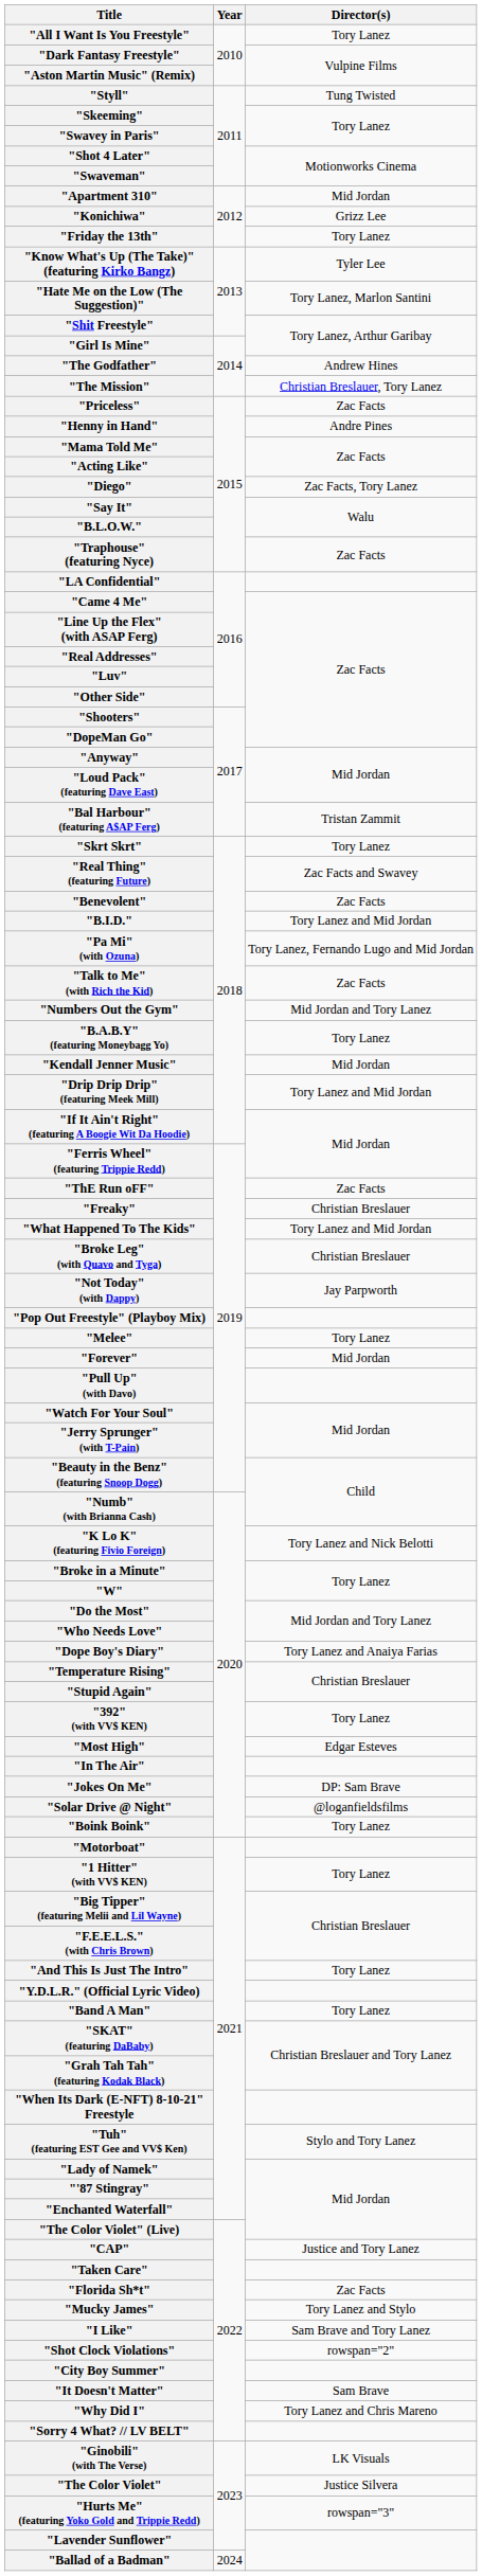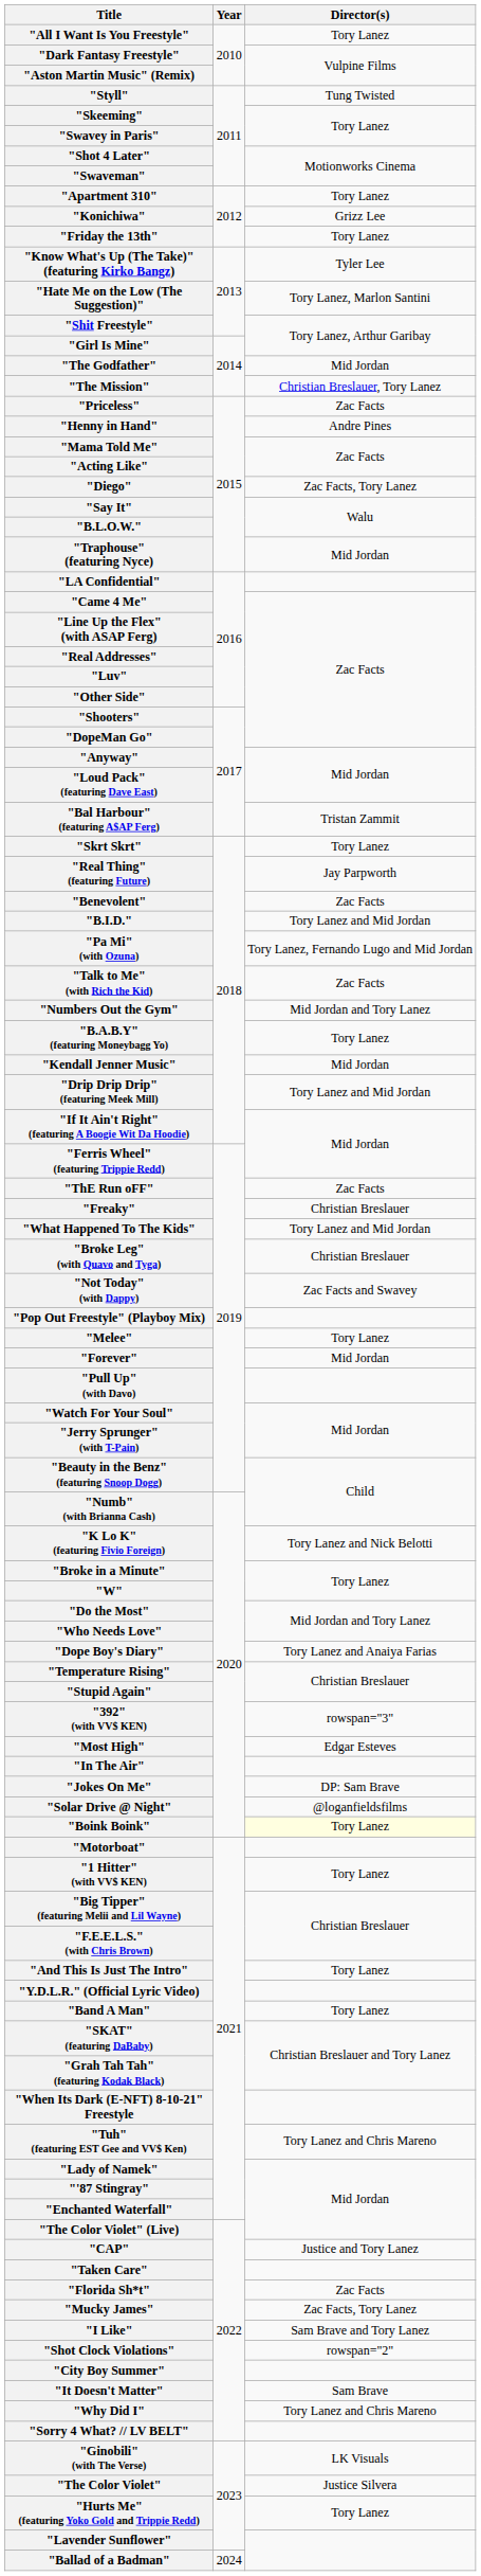 <table class="wikitable plainrowheaders" style="text-align:center;">
 <tr>
 <th scope="col" style="width:16em;">Title</th>
 <th scope="col">Year</th>
 <th scope="col">Director(s)</th>
 </tr>
 <tr>
 <th scope="row">"All I Want Is You Freestyle"</th>
 <td rowspan="3">2010</td>
 <td>Tory Lanez</td>
 </tr>
 <tr>
 <th scope="row">"Dark Fantasy Freestyle"</th>
 <td rowspan="2">Vulpine Films</td>
 </tr>
 <tr>
 <th scope="row">"Aston Martin Music" (Remix)</th>
 </tr>
 <tr>
 <th scope="row">"Styll"</th>
 <td rowspan="5">2011</td>
 <td>Tung Twisted</td>
 </tr>
 <tr>
 <th scope="row">"Skeeming"</th>
 <td rowspan="2">Tory Lanez</td>
 </tr>
 <tr>
 <th scope="row">"Swavey in Paris"</th>
 </tr>
 <tr>
 <th scope="row">"Shot 4 Later"</th>
 <td rowspan="2">Motionworks Cinema</td>
 </tr>
 <tr>
 <th scope="row">"Swaveman"</th>
 </tr>
 <tr>
 <th scope="row">"Apartment 310"</th>
 <td rowspan="3">2012</td>
-<td>Mid Jordan</td>
+<td>Tory Lanez</td>
 </tr>
 <tr>
 <th scope="row">"Konichiwa"</th>
 <td>Grizz Lee</td>
 </tr>
 <tr>
 <th scope="row">"Friday the 13th"</th>
 <td>Tory Lanez</td>
 </tr>
 <tr>
 <th scope="row">"Know What's Up (The Take)"<br><span>(featuring <a href='#'>Kirko Bangz</a>)</span></th>
 <td rowspan="3">2013</td>
 <td>Tyler Lee</td>
 </tr>
 <tr>
 <th scope="row">"Hate Me on the Low (The Suggestion)"</th>
 <td>Tory Lanez, Marlon Santini</td>
 </tr>
 <tr>
 <th scope="row">"<a href='#'>Shit</a> Freestyle"</th>
 <td rowspan="2">Tory Lanez, Arthur Garibay</td>
 </tr>
 <tr>
 <th scope="row">"Girl Is Mine"</th>
 <td rowspan="3">2014</td>
 </tr>
 <tr>
 <th scope="row">"The Godfather"</th>
-<td>Andrew Hines</td>
+<td>Mid Jordan</td>
 </tr>
 <tr>
 <th scope="row">"The Mission"</th>
 <td><a href='#'>Christian Breslauer</a>, Tory Lanez</td>
 </tr>
 <tr>
 <th scope="row">"Priceless"</th>
 <td rowspan="8">2015</td>
 <td>Zac Facts</td>
 </tr>
 <tr>
 <th scope="row">"Henny in Hand"</th>
 <td>Andre Pines</td>
 </tr>
 <tr>
 <th scope="row">"Mama Told Me"</th>
 <td rowspan="2">Zac Facts</td>
 </tr>
 <tr>
 <th scope="row">"Acting Like"</th>
 </tr>
 <tr>
 <th scope="row">"Diego"</th>
 <td>Zac Facts, Tory Lanez</td>
 </tr>
 <tr>
 <th scope="row">"Say It"</th>
 <td rowspan="2">Walu</td>
 </tr>
 <tr>
 <th scope="row">"B.L.O.W."</th>
 </tr>
 <tr>
 <th scope="row">"Traphouse"<br><span>(featuring Nyce)</span></th>
-<td>Zac Facts</td>
+<td>Mid Jordan</td>
 </tr>
 <tr>
 <th scope="row">"LA Confidential"</th>
 <td rowspan="6">2016</td>
 <td></td>
 </tr>
 <tr>
 <th scope="row">"Came 4 Me"</th>
 <td rowspan="7">Zac Facts</td>
 </tr>
 <tr>
 <th scope="row">"Line Up the Flex"<br><span>(with ASAP Ferg)</span></th>
 </tr>
 <tr>
 <th scope="row">"Real Addresses"</th>
 </tr>
 <tr>
 <th scope="row">"Luv"</th>
 </tr>
 <tr>
 <th scope="row">"Other Side"</th>
 </tr>
 <tr>
 <th scope="row">"Shooters"</th>
 <td rowspan="5">2017</td>
 </tr>
 <tr>
 <th scope="row">"DopeMan Go"</th>
 </tr>
 <tr>
 <th scope="row">"Anyway"</th>
 <td rowspan="2">Mid Jordan</td>
 </tr>
 <tr>
 <th scope="row">"Loud Pack"<br><small>(featuring <a href='#'>Dave East</a>)</small></th>
 </tr>
 <tr>
 <th scope="row">"Bal Harbour"<br><small>(featuring <a href='#'>A$AP Ferg</a>)</small></th>
 <td>Tristan Zammit</td>
 </tr>
 <tr>
 <th scope="row">"Skrt Skrt"</th>
 <td rowspan="11">2018</td>
 <td>Tory Lanez</td>
 </tr>
 <tr>
 <th scope="row">"Real Thing"<br><small>(featuring <a href='#'>Future</a>)</small></th>
-<td>Zac Facts and Swavey</td>
+<td>Jay Parpworth</td>
 </tr>
 <tr>
 <th scope="row">"Benevolent"</th>
 <td>Zac Facts</td>
 </tr>
 <tr>
 <th scope="row">"B.I.D."</th>
 <td>Tory Lanez and Mid Jordan</td>
 </tr>
 <tr>
 <th scope="row">"Pa Mi"<br><small>(with <a href='#'>Ozuna</a>)</small></th>
 <td>Tory Lanez, Fernando Lugo and Mid Jordan</td>
 </tr>
 <tr>
 <th scope="row">"Talk to Me"<br><small>(with <a href='#'>Rich the Kid</a>)</small></th>
 <td>Zac Facts</td>
 </tr>
 <tr>
 <th scope="row">"Numbers Out the Gym"</th>
 <td>Mid Jordan and Tory Lanez</td>
 </tr>
 <tr>
 <th scope="row">"B.A.B.Y"<br><small>(featuring Moneybagg Yo)</small></th>
 <td>Tory Lanez</td>
 </tr>
 <tr>
 <th scope="row">"Kendall Jenner Music"</th>
 <td>Mid Jordan</td>
 </tr>
 <tr>
 <th scope="row">"Drip Drip Drip"<br><small>(featuring Meek Mill)</small></th>
 <td>Tory Lanez and Mid Jordan</td>
 </tr>
 <tr>
 <th scope="row">"If It Ain't Right"<br><small>(featuring <a href='#'>A Boogie Wit Da Hoodie</a>)</small></th>
 <td rowspan="2">Mid Jordan</td>
 </tr>
 <tr>
 <th scope="row">"Ferris Wheel"<br><small>(featuring <a href='#'>Trippie Redd</a>)</small></th>
 <td rowspan="13">2019</td>
 </tr>
 <tr>
 <th scope="row">"ThE Run oFF"</th>
 <td>Zac Facts</td>
 </tr>
 <tr>
 <th scope="row">"Freaky"</th>
 <td>Christian Breslauer</td>
 </tr>
 <tr>
 <th scope="row">"What Happened To The Kids"</th>
 <td>Tory Lanez and Mid Jordan</td>
 </tr>
 <tr>
 <th scope="row">"Broke Leg"<br><small>(with <a href='#'>Quavo</a> and <a href='#'>Tyga</a>)</small></th>
 <td>Christian Breslauer</td>
 </tr>
 <tr>
 <th scope="row">"Not Today"<br><small>(with <a href='#'>Dappy</a>)</small></th>
-<td>Jay Parpworth</td>
+<td>Zac Facts and Swavey</td>
 </tr>
 <tr>
 <th scope="row">"Pop Out Freestyle" (Playboy Mix)</th>
 <td></td>
 </tr>
 <tr>
 <th scope="row">"Melee"</th>
 <td>Tory Lanez</td>
 </tr>
 <tr>
 <th scope="row">"Forever"</th>
 <td>Mid Jordan</td>
 </tr>
 <tr>
 <th scope="row">"Pull Up"<br><small>(with Davo)</small></th>
 <td></td>
 </tr>
 <tr>
 <th scope="row">"Watch For Your Soul"</th>
 <td rowspan="2">Mid Jordan</td>
 </tr>
 <tr>
 <th scope="row">"Jerry Sprunger"<br><small>(with <a href='#'>T-Pain</a>)</small></th>
 </tr>
 <tr>
 <th scope="row">"Beauty in the Benz"<br><small>(featuring <a href='#'>Snoop Dogg</a>)</small></th>
 <td rowspan="2">Child</td>
 </tr>
 <tr>
 <th scope="row">"Numb"<br><small>(with Brianna Cash)</small></th>
 <td rowspan="15">2020</td>
 </tr>
 <tr>
 <th scope="row">"K Lo K"<br><small>(featuring <a href='#'>Fivio Foreign</a>)</small></th>
 <td>Tory Lanez and Nick Belotti</td>
 </tr>
 <tr>
 <th scope="row">"Broke in a Minute"</th>
 <td rowspan="2">Tory Lanez</td>
 </tr>
 <tr>
 <th scope="row">"W"</th>
 </tr>
 <tr>
 <th scope="row">"Do the Most"</th>
 <td rowspan="2">Mid Jordan and Tory Lanez</td>
 </tr>
 <tr>
 <th scope="row">"Who Needs Love"</th>
 </tr>
 <tr>
 <th scope="row">"Dope Boy's Diary"</th>
 <td>Tory Lanez and Anaiya Farias</td>
 </tr>
 <tr>
 <th scope="row">"Temperature Rising"</th>
 <td rowspan="2">Christian Breslauer</td>
 </tr>
 <tr>
 <th scope="row">"Stupid Again"</th>
 </tr>
 <tr>
 <th scope="row">"392"<br><small>(with VV$ KEN)</small></th>
-<td>Tory Lanez</td>
+<td>rowspan="3" </td>
 </tr>
 <tr>
 <th scope="row">"Most High"</th>
 <td rowspan="1">Edgar Esteves</td>
 </tr>
 <tr>
 <th scope="row">"In The Air"</th>
 <td></td>
 </tr>
 <tr>
 <th scope="row">"Jokes On Me"</th>
 <td>DP: Sam Brave</td>
 </tr>
 <tr>
 <th scope="row">"Solar Drive @ Night"</th>
 <td>@loganfieldsfilms</td>
 </tr>
 <tr>
 <th scope="row">"Boink Boink"</th>
-<td>Tory Lanez</td>
+<td style="background: lightyellow;">Tory Lanez</td>
 </tr>
 <tr>
 <th scope="row">"Motorboat"</th>
 <td rowspan="14">2021</td>
 <td></td>
 </tr>
 <tr>
 <th scope="row">"1 Hitter"<br><small>(with VV$ KEN)</small></th>
 <td>Tory Lanez</td>
 </tr>
 <tr>
 <th scope="row">"Big Tipper"<br><small>(featuring Melii and <a href='#'>Lil Wayne</a>)</small></th>
 <td rowspan="2">Christian Breslauer</td>
 </tr>
 <tr>
 <th scope="row">"F.E.E.L.S."<br><small>(with <a href='#'>Chris Brown</a>)</small></th>
 </tr>
 <tr>
 <th scope="row">"And This Is Just The Intro"</th>
 <td>Tory Lanez</td>
 </tr>
 <tr>
 <th scope="row">"Y.D.L.R." (Official Lyric Video)</th>
 <td></td>
 </tr>
 <tr>
 <th scope="row">"Band A Man"</th>
 <td>Tory Lanez</td>
 </tr>
 <tr>
 <th scope="row">"SKAT"<br><small>(featuring <a href='#'>DaBaby</a>)</small></th>
 <td rowspan="2">Christian Breslauer and Tory Lanez</td>
 </tr>
 <tr>
 <th scope="row">"Grah Tah Tah"<br><small>(featuring <a href='#'>Kodak Black</a>)</small></th>
 </tr>
 <tr>
 <th scope="row">"When Its Dark (E-NFT) 8-10-21" Freestyle</th>
 <td></td>
 </tr>
 <tr>
 <th scope="row">"Tuh"<br><small>(featuring EST Gee and VV$ Ken)</small></th>
-<td>Stylo and Tory Lanez</td>
+<td>Tory Lanez and Chris Mareno</td>
 </tr>
 <tr>
 <th scope="row">"Lady of Namek"</th>
 <td rowspan="4">Mid Jordan</td>
 </tr>
 <tr>
 <th scope="row">"'87 Stingray"</th>
 </tr>
 <tr>
 <th scope="row">"Enchanted Waterfall"</th>
 </tr>
 <tr>
 <th scope="row">"The Color Violet" (Live)</th>
 <td rowspan="11">2022</td>
 </tr>
 <tr>
 <th scope="row">"CAP"</th>
 <td>Justice and Tory Lanez</td>
 </tr>
 <tr>
 <th scope="row">"Taken Care"</th>
 <td></td>
 </tr>
 <tr>
 <th scope="row">"Florida Sh*t"</th>
 <td>Zac Facts</td>
 </tr>
 <tr>
 <th scope="row">"Mucky James"</th>
-<td>Tory Lanez and Stylo</td>
+<td>Zac Facts, Tory Lanez</td>
 </tr>
 <tr>
 <th scope="row">"I Like"</th>
 <td>Sam Brave and Tory Lanez</td>
 </tr>
 <tr>
 <th scope="row">"Shot Clock Violations"</th>
 <td>rowspan="2" </td>
 </tr>
 <tr>
 <th scope="row">"City Boy Summer"</th>
 </tr>
 <tr>
 <th scope="row">"It Doesn't Matter"</th>
 <td>Sam Brave</td>
 </tr>
 <tr>
 <th scope="row">"Why Did I"</th>
 <td>Tory Lanez and Chris Mareno</td>
 </tr>
 <tr>
 <th scope="row">"Sorry 4 What? // LV BELT"</th>
 <td></td>
 </tr>
 <tr>
 <th scope="row">"Ginobili"<br><small>(with The Verse)</small></th>
 <td rowspan="4">2023</td>
 <td>LK Visuals</td>
 </tr>
 <tr>
 <th scope="row">"The Color Violet"</th>
 <td>Justice Silvera</td>
 </tr>
 <tr>
 <th scope="row">"Hurts Me"<br><small>(featuring <a href='#'>Yoko Gold</a> and <a href='#'>Trippie Redd</a>)</small></th>
-<td>rowspan="3" </td>
+<td>Tory Lanez</td>
 </tr>
 <tr>
 <th scope="row">"Lavender Sunflower"</th>
 </tr>
 <tr>
 <th scope="row">"Ballad of a Badman"</th>
 <td>2024</td>
 </tr>
 </table>
